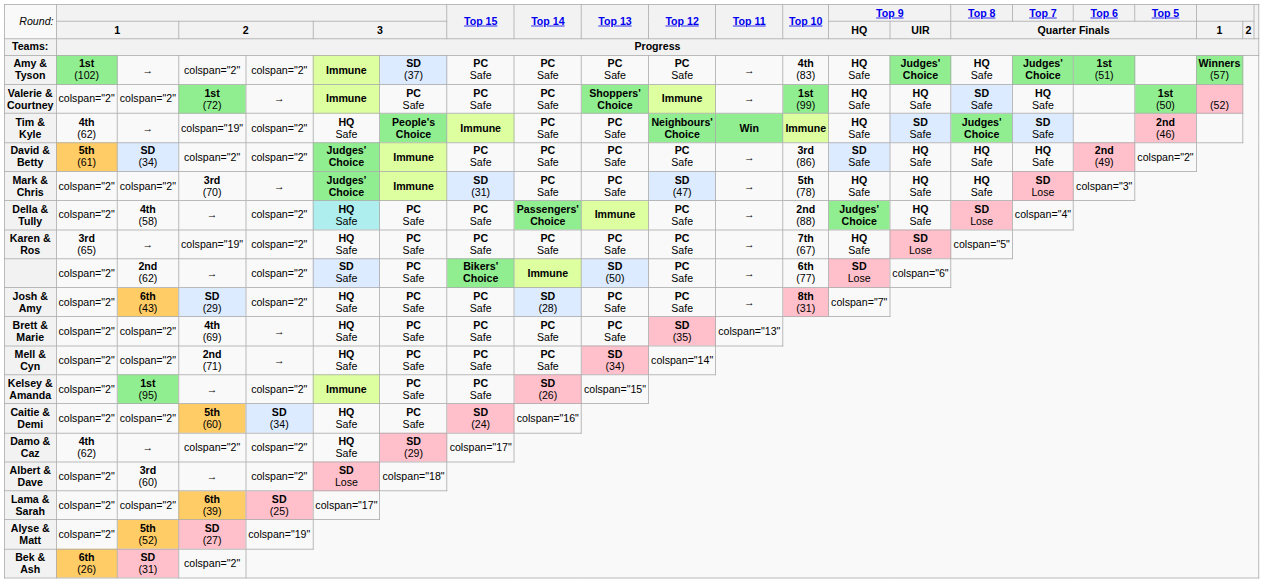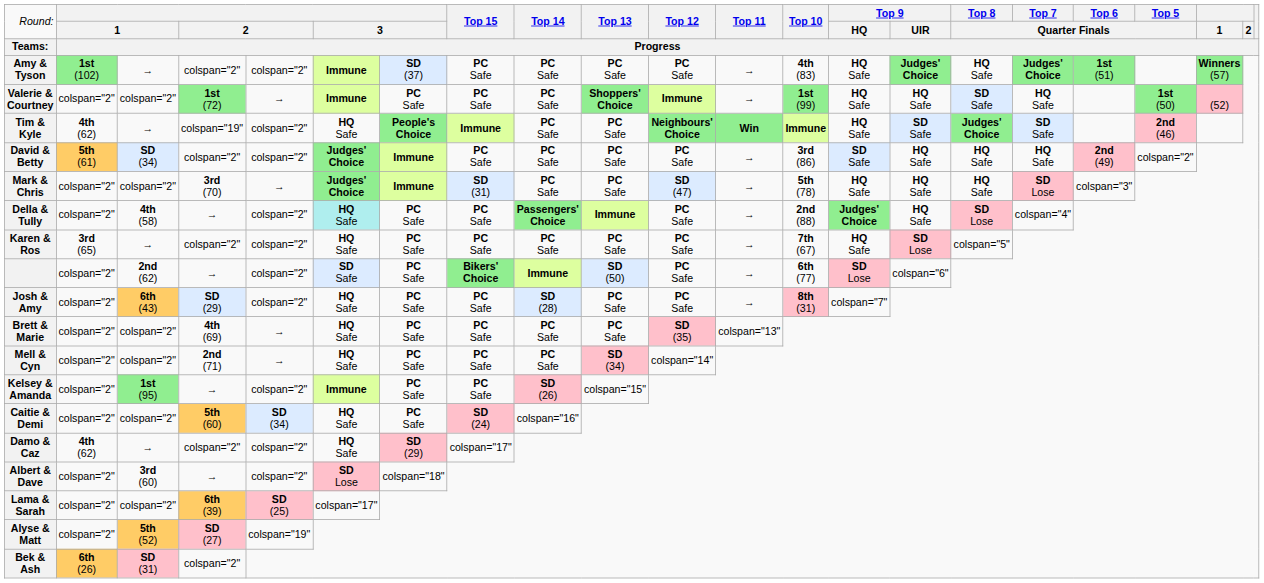 <table class="wikitable plainrowheaders" style="margin:1em auto; text-align:center; font-size:83%; width:80em;">
 <tr>
 <td style="width:10%; text-align:right;" rowspan="2"><em>Round:</em></td>
 <th colspan="6"><a href='#'></a></th>
 <th rowspan="2" style="width:8%;"><a href='#'>Top 15</a></th>
 <th rowspan="2" style="width:8%;"><a href='#'>Top 14</a></th>
 <th rowspan="2" style="width:8%;"><a href='#'>Top 13</a></th>
 <th rowspan="2" style="width:8%;"><a href='#'>Top 12</a></th>
 <th rowspan="2" style="width:8%;"><a href='#'>Top 11</a></th>
 <th rowspan="2" style="width:8%;"><a href='#'>Top 10</a></th>
 <th colspan="2" style="width:8%;"><a href='#'>Top 9</a></th>
 <th style="width:8%;"><a href='#'>Top 8</a></th>
 <th style="width:8%;"><a href='#'>Top 7</a></th>
 <th style="width:8%;"><a href='#'>Top 6</a></th>
 <th style="width:8%;"><a href='#'>Top 5</a></th>
 <th colspan="2"><a href='#'></a></th>
 <th rowspan="2" style="width:8%;"><a href='#'></a></th>
 </tr>
 <tr>
 <th colspan="2" style="width:4%;">1</th>
 <th colspan="2" style="width:4%;">2</th>
 <th colspan="2" style="width:4%;">3</th>
 <th>HQ</th>
 <th>UIR</th>
 <th colspan="4">Quarter Finals</th>
 <th>1</th>
 <th>2</th>
 </tr>
 <tr>
 <th>Teams:</th>
 <th colspan="21">Progress</th>
 </tr>
 <tr>
 <th>Amy & Tyson</th>
 <td style="background:lightgreen"><strong>1st</strong><br>(102)</td>
 <td>→</td>
 <td>colspan="2" </td>
 <td>colspan="2" </td>
 <td bgcolor="DDFF9F"><strong>Immune</strong></td>
 <td style="background:#DCEBFF"><strong>SD</strong><br>(37)</td>
 <td><strong>PC</strong><br>Safe</td>
 <td><strong>PC</strong><br>Safe</td>
 <td><strong>PC</strong><br>Safe</td>
 <td><strong>PC</strong><br>Safe</td>
 <td>→</td>
 <td><strong>4th</strong><br>(83)</td>
 <td><strong>HQ</strong><br>Safe</td>
 <td bgcolor="lightgreen"><strong>Judges'<br>Choice</strong></td>
 <td><strong>HQ</strong><br>Safe</td>
 <td bgcolor="lightgreen"><strong>Judges'<br>Choice</strong></td>
 <td style="background:lightgreen"><strong>1st</strong><br>(51)</td>
 <td></td>
 <td style="background:lightgreen"><strong>Winners</strong><br>(57)</td>
 </tr>
 <tr>
 <th>Valerie & Courtney</th>
 <td>colspan="2" </td>
 <td>colspan="2" </td>
 <td style="background:lightgreen"><strong>1st</strong><br>(72)</td>
 <td>→</td>
 <td bgcolor="DDFF9F"><strong>Immune</strong></td>
 <td><strong>PC</strong><br>Safe</td>
 <td><strong>PC</strong><br>Safe</td>
 <td><strong>PC</strong><br>Safe</td>
 <td bgcolor="lightgreen"><strong>Shoppers'<br>Choice</strong></td>
 <td bgcolor="DDFF9F"><strong>Immune</strong></td>
 <td>→</td>
 <td style="background:lightgreen"><strong>1st</strong><br> (99)</td>
 <td><strong>HQ</strong><br>Safe</td>
 <td><strong>HQ</strong><br>Safe</td>
 <td style="background:#DCEBFF"><strong>SD</strong> <br>Safe</td>
 <td><strong>HQ</strong><br>Safe</td>
 <td></td>
 <td style="background:lightgreen"><strong>1st</strong><br>(50)</td>
 <td style="background:pink"><br>(52)</td>
 </tr>
 <tr>
 <th>Tim & Kyle</th>
 <td><strong>4th</strong><br>(62)</td>
 <td>→</td>
 <td>colspan="19" </td>
 <td>colspan="2" </td>
 <td><strong>HQ</strong><br>Safe</td>
 <td bgcolor="lightgreen"><strong>People's<br>Choice</strong></td>
 <td bgcolor="DDFF9F"><strong>Immune</strong></td>
 <td><strong>PC</strong><br>Safe</td>
 <td><strong>PC</strong><br>Safe</td>
 <td bgcolor="lightgreen"><strong>Neighbours'<br>Choice</strong></td>
 <td bgcolor="lightgreen"><strong>Win</strong></td>
 <td style="background:#DDFF9F"><strong>Immune</strong></td>
 <td><strong>HQ</strong><br>Safe</td>
 <td style="background:#DCEBFF"><strong>SD</strong> <br>Safe</td>
 <td bgcolor="lightgreen"><strong>Judges'<br>Choice</strong></td>
 <td style="background:#DCEBFF"><strong>SD</strong> <br>Safe</td>
 <td></td>
 <td style=background:pink><strong>2nd</strong><br>(46)</td>
 <td></td>
 </tr>
 <tr>
 <th>David & Betty</th>
 <td style="background:#FFCC66"><strong>5th</strong><br>(61)</td>
 <td style="background:#DCEBFF"><strong>SD</strong><br>(34)</td>
 <td>colspan="2" </td>
 <td>colspan="2" </td>
 <td bgcolor="lightgreen"><strong>Judges'<br>Choice</strong></td>
 <td bgcolor="DDFF9F"><strong>Immune</strong></td>
 <td><strong>PC</strong><br>Safe</td>
 <td><strong>PC</strong><br>Safe</td>
 <td><strong>PC</strong><br>Safe</td>
 <td><strong>PC</strong><br>Safe</td>
 <td>→</td>
 <td><strong>3rd</strong><br>(86)</td>
 <td style="background:#DCEBFF"><strong>SD</strong><br>Safe</td>
 <td><strong>HQ</strong><br>Safe</td>
 <td><strong>HQ</strong><br>Safe</td>
 <td><strong>HQ</strong><br>Safe</td>
 <td style=background:pink><strong>2nd</strong><br>(49)</td>
 <td>colspan="2" </td>
 </tr>
 <tr>
 <th>Mark & Chris</th>
 <td>colspan="2" </td>
 <td>colspan="2" </td>
 <td><strong>3rd</strong><br>(70)</td>
 <td>→</td>
 <td bgcolor="lightgreen"><strong>Judges'<br>Choice</strong></td>
 <td bgcolor="DDFF9F"><strong>Immune</strong></td>
 <td style="background:#DCEBFF"><strong>SD</strong><br>(31)</td>
 <td><strong>PC</strong><br>Safe</td>
 <td><strong>PC</strong><br>Safe</td>
 <td style="background:#DCEBFF"><strong>SD</strong><br>(47)</td>
 <td>→</td>
 <td><strong>5th</strong><br>(78)</td>
 <td><strong>HQ</strong><br>Safe</td>
 <td><strong>HQ</strong><br>Safe</td>
 <td><strong>HQ</strong><br>Safe</td>
 <td style="background:pink;"><strong>SD</strong><br>Lose</td>
 <td>colspan="3" </td>
 </tr>
 <tr>
 <th>Della & Tully</th>
 <td>colspan="2" </td>
 <td><strong>4th</strong><br>(58)</td>
 <td>→</td>
 <td>colspan="2" </td>
 <td style="background: paleturquoise;"><strong>HQ</strong><br>Safe</td>
 <td><strong>PC</strong><br>Safe</td>
 <td><strong>PC</strong><br>Safe</td>
 <td bgcolor="lightgreen"><strong>Passengers'<br>Choice</strong></td>
 <td bgcolor="DDFF9F"><strong>Immune</strong></td>
 <td><strong>PC</strong><br>Safe</td>
 <td>→</td>
 <td><strong>2nd</strong><br>(88)</td>
 <td bgcolor="lightgreen"><strong>Judges'<br>Choice</strong></td>
 <td><strong>HQ</strong><br>Safe</td>
 <td style="background:pink;"><strong>SD</strong><br>Lose</td>
 <td>colspan="4" </td>
 </tr>
 <tr>
 <th>Karen & Ros</th>
 <td><strong>3rd</strong><br>(65)</td>
 <td>→</td>
-<td>colspan="19" </td>
+<td>colspan="2" </td>
 <td>colspan="2" </td>
 <td><strong>HQ</strong><br>Safe</td>
 <td><strong>PC</strong><br>Safe</td>
 <td><strong>PC</strong><br>Safe</td>
 <td><strong>PC</strong><br>Safe</td>
 <td><strong>PC</strong><br>Safe</td>
 <td><strong>PC</strong><br>Safe</td>
 <td>→</td>
 <td><strong>7th</strong><br>(67)</td>
 <td><strong>HQ</strong><br>Safe</td>
 <td style="background:pink;"><strong>SD</strong><br>Lose</td>
 <td>colspan="5" </td>
 </tr>
 <tr>
 <th></th>
 <td>colspan="2" </td>
 <td><strong>2nd</strong><br>(62)</td>
 <td>→</td>
 <td>colspan="2" </td>
 <td style="background:#DCEBFF"><strong>SD</strong><br>Safe</td>
 <td><strong>PC</strong><br>Safe</td>
 <td bgcolor="lightgreen"><strong>Bikers'<br>Choice</strong></td>
 <td bgcolor="DDFF9F"><strong>Immune</strong></td>
 <td style="background:#DCEBFF"><strong>SD</strong><br>(50)</td>
 <td><strong>PC</strong><br>Safe</td>
 <td>→</td>
 <td><strong>6th</strong><br>(77)</td>
 <td style="background:pink;"><strong>SD</strong><br>Lose</td>
 <td>colspan="6" </td>
 </tr>
 <tr>
 <th>Josh & Amy</th>
 <td>colspan="2" </td>
 <td style="background:#FFCC66"><strong>6th</strong><br>(43)</td>
 <td style="background:#DCEBFF"><strong>SD</strong><br>(29)</td>
 <td>colspan="2" </td>
 <td><strong>HQ</strong><br>Safe</td>
 <td><strong>PC</strong><br>Safe</td>
 <td><strong>PC</strong><br>Safe</td>
 <td style="background:#DCEBFF"><strong>SD</strong><br>(28)</td>
 <td><strong>PC</strong><br>Safe</td>
 <td><strong>PC</strong><br>Safe</td>
 <td>→</td>
 <td style="background:pink;"><strong>8th</strong><br>(31)</td>
 <td>colspan="7" </td>
 </tr>
 <tr>
 <th>Brett & Marie</th>
 <td>colspan="2" </td>
 <td>colspan="2" </td>
 <td><strong>4th</strong><br>(69)</td>
 <td>→</td>
 <td><strong>HQ</strong><br>Safe</td>
 <td><strong>PC</strong><br>Safe</td>
 <td><strong>PC</strong><br>Safe</td>
 <td><strong>PC</strong><br>Safe</td>
 <td><strong>PC</strong><br>Safe</td>
 <td style="background:pink;"><strong>SD</strong><br>(35)</td>
 <td>colspan="13" </td>
 </tr>
 <tr>
 <th>Mell & Cyn</th>
 <td>colspan="2" </td>
 <td>colspan="2" </td>
 <td><strong>2nd</strong><br>(71)</td>
 <td>→</td>
 <td><strong>HQ</strong><br>Safe</td>
 <td><strong>PC</strong><br>Safe</td>
 <td><strong>PC</strong><br>Safe</td>
 <td><strong>PC</strong><br>Safe</td>
 <td style="background:pink;"><strong>SD</strong><br>(34)</td>
 <td>colspan="14" </td>
 </tr>
 <tr>
 <th>Kelsey & Amanda</th>
 <td>colspan="2" </td>
 <td style="background:lightgreen"><strong>1st</strong><br>(95)</td>
 <td>→</td>
 <td>colspan="2" </td>
 <td bgcolor="DDFF9F"><strong>Immune</strong></td>
 <td><strong>PC</strong><br>Safe</td>
 <td><strong>PC</strong><br>Safe</td>
 <td style="background:pink;"><strong>SD</strong><br>(26)</td>
 <td>colspan="15" </td>
 </tr>
 <tr>
 <th>Caitie & Demi</th>
 <td>colspan="2" </td>
 <td>colspan="2" </td>
 <td style="background:#FFCC66"><strong>5th</strong><br>(60)</td>
 <td style="background:#DCEBFF"><strong>SD</strong><br>(34)</td>
 <td><strong>HQ</strong><br>Safe</td>
 <td><strong>PC</strong><br>Safe</td>
 <td style="background:pink;"><strong>SD</strong><br>(24)</td>
 <td>colspan="16" </td>
 </tr>
 <tr>
 <th>Damo & Caz</th>
 <td><strong>4th</strong><br>(62)</td>
 <td>→</td>
 <td>colspan="2" </td>
 <td>colspan="2" </td>
 <td><strong>HQ</strong><br>Safe</td>
 <td style="background:pink;"><strong>SD</strong><br>(29)</td>
 <td>colspan="17" </td>
 </tr>
 <tr>
 <th>Albert & Dave</th>
 <td>colspan="2" </td>
 <td><strong>3rd</strong><br>(60)</td>
 <td>→</td>
 <td>colspan="2" </td>
 <td style="background:pink;"><strong>SD</strong><br>Lose</td>
 <td>colspan="18" </td>
 </tr>
 <tr>
 <th>Lama & Sarah</th>
 <td>colspan="2" </td>
 <td>colspan="2" </td>
 <td style="background:#FFCC66"><strong>6th</strong><br>(39)</td>
 <td style="background:pink;"><strong>SD</strong><br>(25)</td>
 <td>colspan="17" </td>
 </tr>
 <tr>
 <th>Alyse & Matt</th>
 <td>colspan="2" </td>
 <td style="background:#FFCC66"><strong>5th</strong><br>(52)</td>
 <td style="background:pink;"><strong>SD</strong><br>(27)</td>
 <td>colspan="19" </td>
 </tr>
 <tr>
 <th>Bek & Ash</th>
 <td style="background:#FFCC66"><strong>6th</strong><br>(26)</td>
 <td style="background:pink;"><strong>SD</strong><br>(31)</td>
 <td>colspan="2" </td>
 </tr>
 </table>
